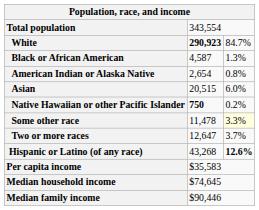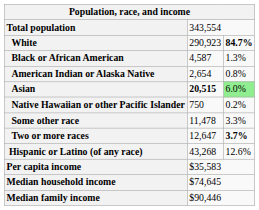 <table class="wikitable collapsible collapsed">
 <tr>
 <th colspan=6>Population, race, and income</th>
 </tr>
 <tr>
 <th scope="row" style="text-align: left;">Total population</th>
 <td colspan=2>343,554</td>
 </tr>
 <tr>
 <th scope="row" style="text-align: left;">  White</th>
-<td><strong>290,923</strong></td>
-<td>84.7%</td>
+<td>290,923</td>
+<td><strong>84.7%</strong></td>
 </tr>
 <tr>
 <th scope="row" style="text-align: left;">  Black or African American</th>
 <td>4,587</td>
 <td>1.3%</td>
 </tr>
 <tr>
 <th scope="row" style="text-align: left;">  American Indian or Alaska Native</th>
 <td>2,654</td>
 <td>0.8%</td>
 </tr>
 <tr>
 <th scope="row" style="text-align: left;">  Asian</th>
-<td>20,515</td>
-<td>6.0%</td>
+<td><strong>20,515</strong></td>
+<td style="background: lightgreen;">6.0%</td>
 </tr>
 <tr>
 <th scope="row" style="text-align: left;">  Native Hawaiian or other Pacific Islander</th>
-<td><strong>750</strong></td>
+<td>750</td>
 <td>0.2%</td>
 </tr>
 <tr>
 <th scope="row" style="text-align: left;">  Some other race</th>
 <td>11,478</td>
-<td style="background: lightyellow;">3.3%</td>
+<td>3.3%</td>
 </tr>
 <tr>
 <th scope="row" style="text-align: left;">  Two or more races</th>
 <td>12,647</td>
-<td>3.7%</td>
+<td><strong>3.7%</strong></td>
 </tr>
 <tr>
 <th scope="row" style="text-align: left;"> Hispanic or Latino (of any race)</th>
 <td>43,268</td>
-<td><strong>12.6%</strong></td>
+<td>12.6%</td>
 </tr>
 <tr>
 <th scope="row" style="text-align: left;">Per capita income</th>
 <td colspan=2>$35,583</td>
 </tr>
 <tr>
 <th scope="row" style="text-align: left;">Median household income</th>
 <td colspan=2>$74,645</td>
 </tr>
 <tr>
 <th scope="row" style="text-align: left;">Median family income</th>
 <td colspan=2>$90,446</td>
 </tr>
 </table>
